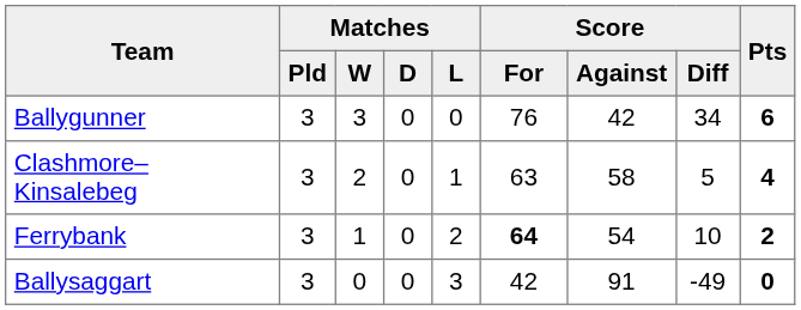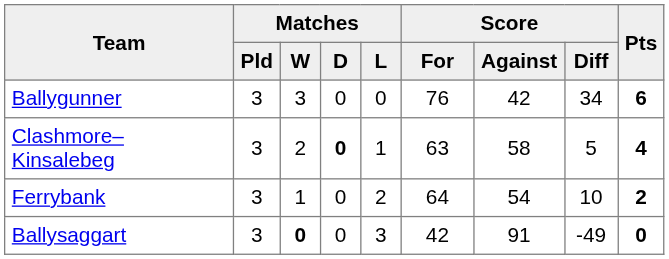 <table style=border-collapse:collapse border=1 cellspacing=0 cellpadding=5>
 <tr align=center bgcolor=#efefef>
 <th rowspan=2 width=165>Team</th>
 <th colspan=4>Matches</th>
 <th colspan=3>Score</th>
 <th rowspan=2width=20>Pts</th>
 </tr>
 <tr align=center bgcolor=#efefef>
 <th width=20>Pld</th>
 <th width=20>W</th>
 <th width=20>D</th>
 <th width=20>L</th>
 <th width=45>For</th>
 <th width=45>Against</th>
 <th width=30>Diff</th>
 </tr>
 <tr align=center>
 <td style="text-align:left;"><a href='#'>Ballygunner</a></td>
 <td>3</td>
 <td>3</td>
 <td>0</td>
 <td>0</td>
 <td>76</td>
 <td>42</td>
 <td>34</td>
 <td><strong>6</strong></td>
 </tr>
 <tr align=center>
 <td style="text-align:left;"><a href='#'>Clashmore–Kinsalebeg</a></td>
 <td>3</td>
 <td>2</td>
-<td>0</td>
+<td><strong>0</strong></td>
 <td>1</td>
 <td>63</td>
 <td>58</td>
 <td>5</td>
 <td><strong>4</strong></td>
 </tr>
 <tr align=center>
 <td style="text-align:left;"><a href='#'>Ferrybank</a></td>
 <td>3</td>
 <td>1</td>
 <td>0</td>
 <td>2</td>
-<td><strong>64</strong></td>
+<td>64</td>
 <td>54</td>
 <td>10</td>
 <td><strong>2</strong></td>
 </tr>
 <tr align=center>
 <td style="text-align:left;"><a href='#'>Ballysaggart</a></td>
 <td>3</td>
-<td>0</td>
+<td><strong>0</strong></td>
 <td>0</td>
 <td>3</td>
 <td>42</td>
 <td>91</td>
 <td>-49</td>
 <td><strong>0</strong></td>
 </tr>
 </table>
